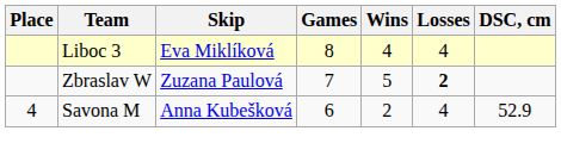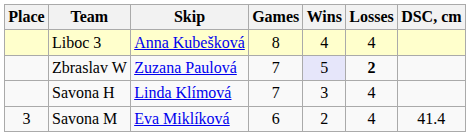 <table class="wikitable" style="text-align:center;">
 <tr>
 <th>Place</th>
 <th>Team</th>
 <th>Skip</th>
 <th>Games</th>
 <th>Wins</th>
 <th>Losses</th>
 <th>DSC, cm</th>
 </tr>
 <tr style="background:#ffc;">
 <td></td>
 <td align=left>Liboc 3</td>
-<td align=left><a href='#'>Eva Miklíková</a></td>
+<td align=left><a href='#'>Anna Kubešková</a></td>
 <td>8</td>
 <td>4</td>
 <td>4</td>
 <td></td>
 </tr>
 <tr>
 <td></td>
 <td align=left>Zbraslav W</td>
 <td align=left><a href='#'>Zuzana Paulová</a></td>
 <td>7</td>
-<td>5</td>
+<td style="background: lavender;">5</td>
 <td><strong>2</strong></td>
 <td></td>
 </tr>
 <tr>
+<td></td>
+<td align=left>Savona H</td>
+<td align=left><a href='#'>Linda Klímová</a></td>
+<td>7</td>
+<td>3</td>
 <td>4</td>
+<td></td>
+</tr>
+<tr>
+<td>3</td>
 <td align=left>Savona M</td>
-<td align=left><a href='#'>Anna Kubešková</a></td>
+<td align=left><a href='#'>Eva Miklíková</a></td>
 <td>6</td>
 <td>2</td>
 <td>4</td>
-<td>52.9</td>
+<td>41.4</td>
 </tr>
 </table>
